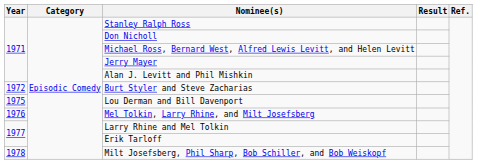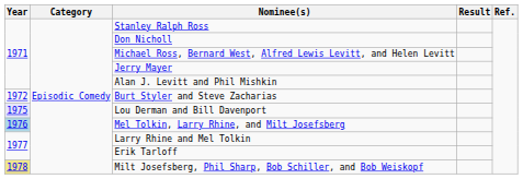 <table class="wikitable">
 <tr>
 <th>Year</th>
 <th>Category</th>
 <th>Nominee(s)</th>
 <th>Result</th>
 <th>Ref.</th>
 </tr>
 <tr>
 <td rowspan="5"><a href='#'>1971</a></td>
 <td rowspan="11"><a href='#'>Episodic Comedy</a></td>
 <td><a href='#'>Stanley Ralph Ross</a> </td>
 <td></td>
 <td align="center" rowspan="11"></td>
 </tr>
 <tr>
 <td><a href='#'>Don Nicholl</a> </td>
 <td></td>
 </tr>
 <tr>
 <td><a href='#'>Michael Ross</a>, <a href='#'>Bernard West</a>, <a href='#'>Alfred Lewis Levitt</a>, and Helen Levitt </td>
 <td></td>
 </tr>
 <tr>
 <td><a href='#'>Jerry Mayer</a> </td>
 <td></td>
 </tr>
 <tr>
 <td>Alan J. Levitt and Phil Mishkin </td>
 <td></td>
 </tr>
 <tr>
 <td><a href='#'>1972</a></td>
 <td><a href='#'>Burt Styler</a> and Steve Zacharias </td>
 <td></td>
 </tr>
 <tr>
-<td><a href='#'>1975</a></td>
+<td style="background: lavender;"><a href='#'>1975</a></td>
 <td>Lou Derman and Bill Davenport </td>
 <td></td>
 </tr>
 <tr>
-<td><a href='#'>1976</a></td>
+<td style="background: lightblue;"><a href='#'>1976</a></td>
 <td><a href='#'>Mel Tolkin</a>, <a href='#'>Larry Rhine</a>, and <a href='#'>Milt Josefsberg</a> </td>
 <td></td>
 </tr>
 <tr>
 <td rowspan="2"><a href='#'>1977</a></td>
 <td>Larry Rhine and Mel Tolkin </td>
 <td></td>
 </tr>
 <tr>
 <td>Erik Tarloff </td>
 <td></td>
 </tr>
 <tr>
-<td><a href='#'>1978</a></td>
+<td style="background: khaki;"><a href='#'>1978</a></td>
 <td>Milt Josefsberg, <a href='#'>Phil Sharp</a>, <a href='#'>Bob Schiller</a>, and <a href='#'>Bob Weiskopf</a> </td>
 <td></td>
 </tr>
 </table>
